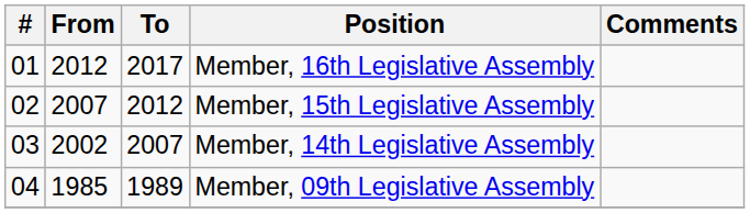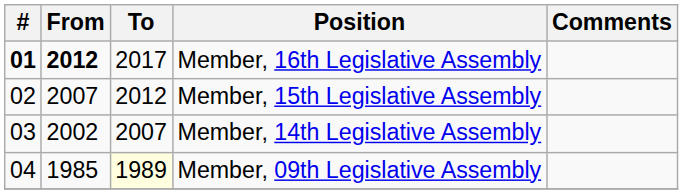 <table class="wikitable sortable">
 <tr>
 <th>#</th>
 <th>From</th>
 <th>To</th>
 <th>Position</th>
 <th>Comments</th>
 </tr>
 <tr>
-<td>01</td>
-<td>2012</td>
+<td><strong>01</strong></td>
+<td><strong>2012</strong></td>
 <td>2017</td>
 <td>Member, <a href='#'>16th Legislative Assembly</a></td>
 <td></td>
 </tr>
 <tr>
 <td>02</td>
 <td>2007</td>
 <td>2012</td>
 <td>Member, <a href='#'>15th Legislative Assembly</a></td>
 <td></td>
 </tr>
 <tr>
 <td>03</td>
 <td>2002</td>
 <td>2007</td>
 <td>Member, <a href='#'>14th Legislative Assembly</a></td>
 <td></td>
 </tr>
 <tr>
 <td>04</td>
 <td>1985</td>
-<td>1989</td>
+<td style="background: lightyellow;">1989</td>
 <td>Member, <a href='#'>09th Legislative Assembly</a></td>
 <td></td>
 </tr>
 <tr>
 </tr>
 </table>
